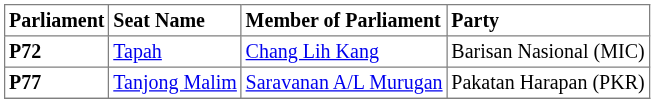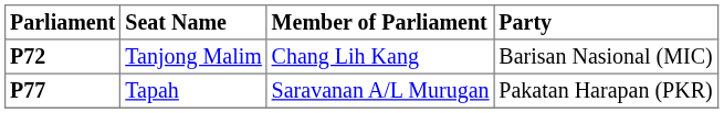 <table class="toccolours sortable" border="1" cellpadding="3" style="border-collapse:collapse; text-align: left;">
 <tr>
 <th align="center">Parliament</th>
 <th>Seat Name</th>
 <th>Member of Parliament</th>
 <th>Party</th>
 </tr>
 <tr>
 <th align="left">P72</th>
-<td><a href='#'>Tapah</a></td>
+<td><a href='#'>Tanjong Malim</a></td>
 <td><a href='#'>Chang Lih Kang</a></td>
 <td>Barisan Nasional (MIC)</td>
 </tr>
 <tr>
 <th align="left">P77</th>
-<td><a href='#'>Tanjong Malim</a></td>
+<td><a href='#'>Tapah</a></td>
 <td><a href='#'>Saravanan A/L Murugan</a></td>
 <td>Pakatan Harapan (PKR)</td>
 </tr>
 <tr>
 </tr>
 </table>
